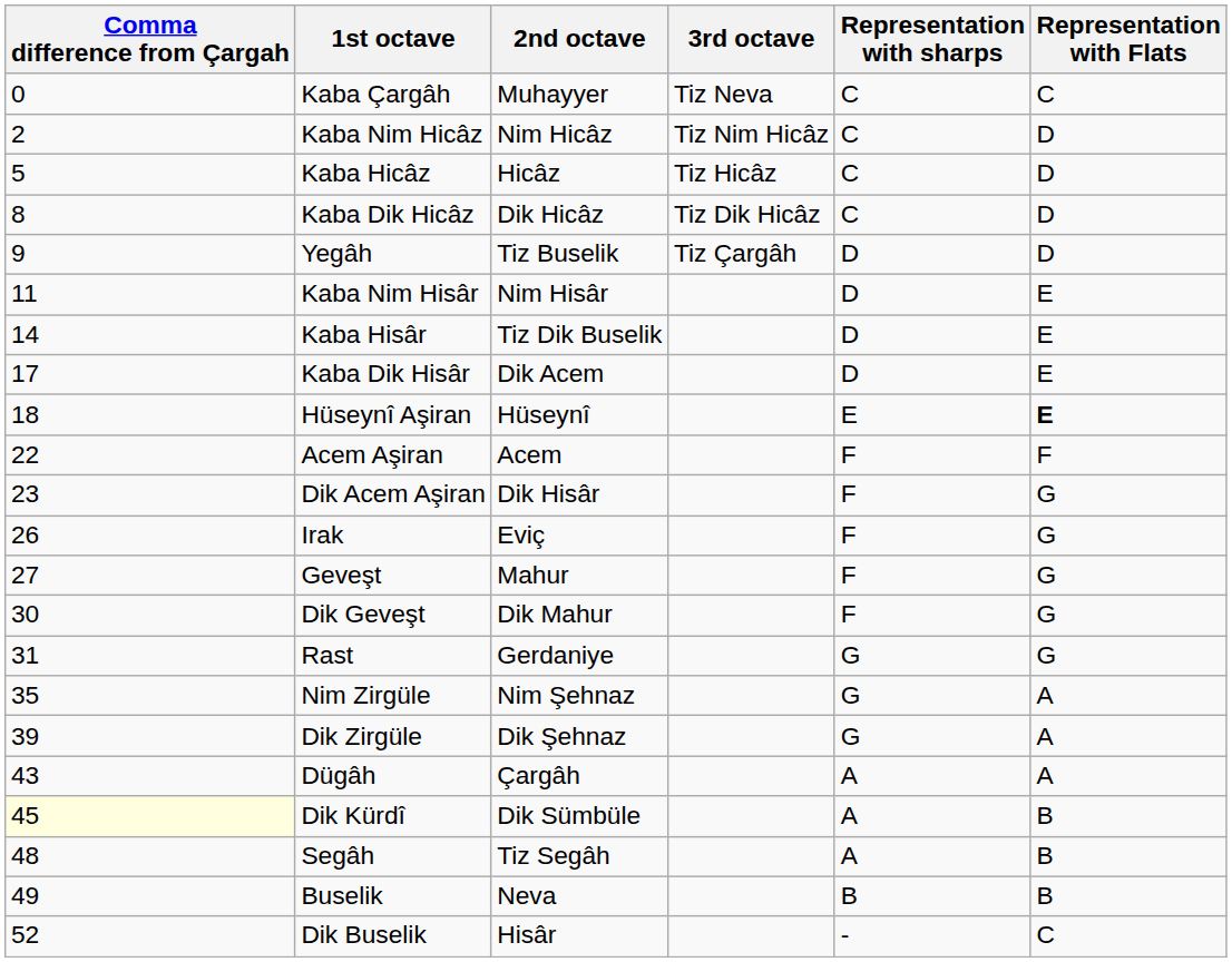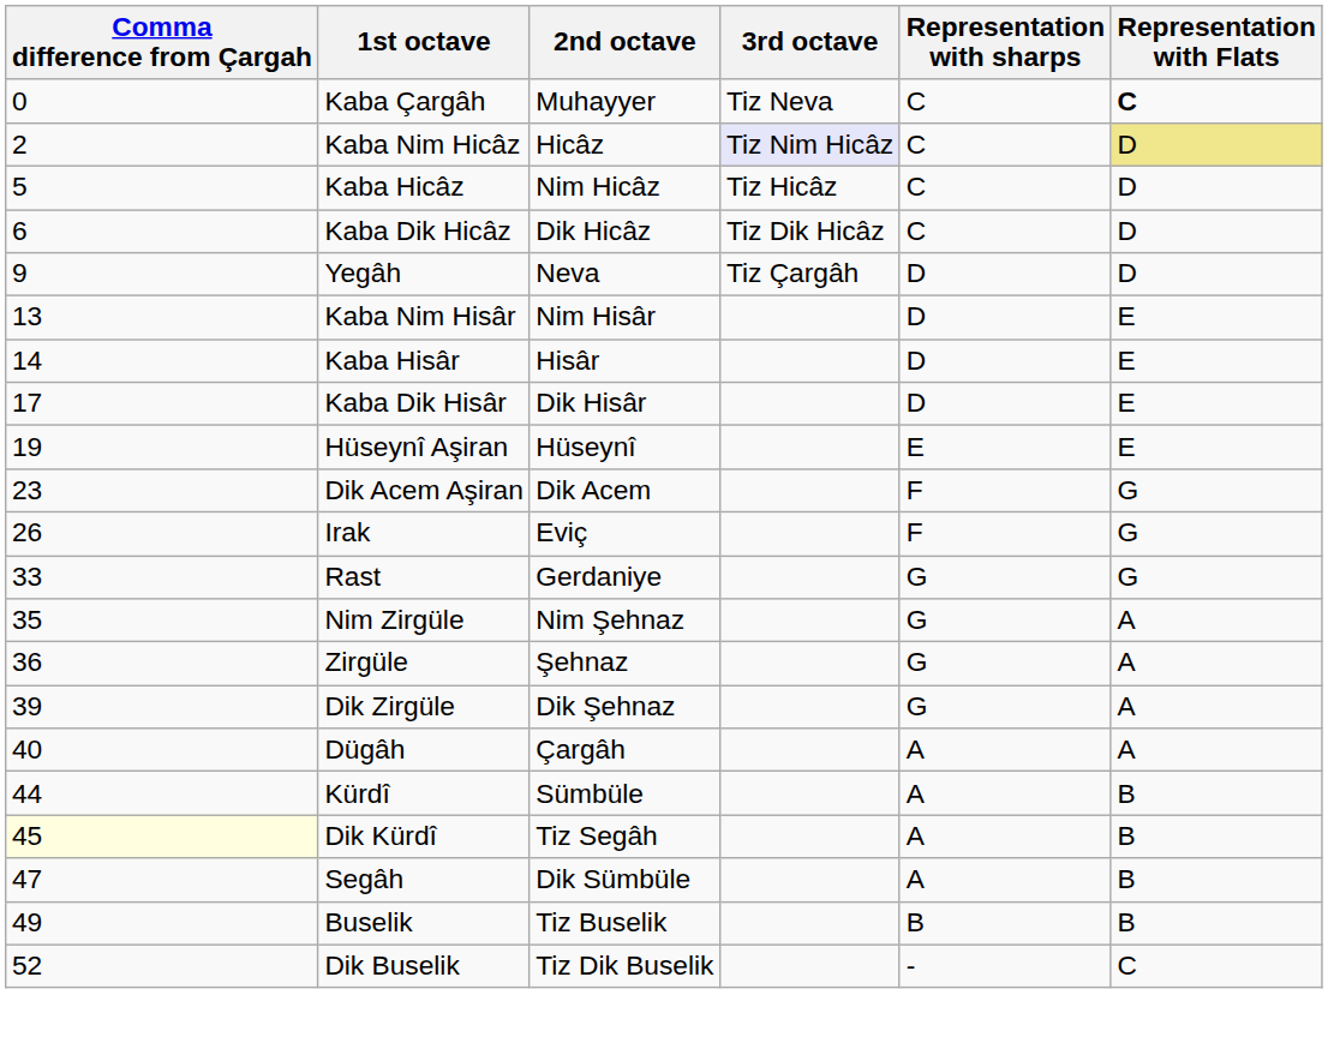 <table class="wikitable">
 <tr>
 <th><a href='#'>Comma</a><br>difference from  Çargah</th>
 <th>1st octave</th>
 <th>2nd octave</th>
 <th>3rd octave</th>
 <th>Representation<br>with sharps</th>
 <th>Representation<br>with Flats</th>
 </tr>
 <tr>
 <td>0</td>
 <td>Kaba Çargâh</td>
 <td>Muhayyer</td>
 <td>Tiz Neva</td>
 <td>C</td>
-<td>C</td>
+<td><strong>C</strong></td>
 </tr>
 <tr>
 <td>2</td>
 <td>Kaba Nim Hicâz</td>
-<td>Nim Hicâz</td>
-<td>Tiz Nim Hicâz</td>
+<td>Hicâz</td>
+<td style="background: lavender;">Tiz Nim Hicâz</td>
 <td>C</td>
-<td>D</td>
+<td style="background: khaki;">D</td>
 </tr>
 <tr>
 <td>5</td>
 <td>Kaba Hicâz</td>
-<td>Hicâz</td>
+<td>Nim Hicâz</td>
 <td>Tiz Hicâz</td>
 <td>C</td>
 <td>D</td>
 </tr>
 <tr>
-<td>8</td>
+<td>6</td>
 <td>Kaba Dik Hicâz</td>
 <td>Dik Hicâz</td>
 <td>Tiz Dik Hicâz</td>
 <td>C</td>
 <td>D</td>
 </tr>
 <tr>
 <td>9</td>
 <td>Yegâh</td>
-<td>Tiz Buselik</td>
+<td>Neva</td>
 <td>Tiz Çargâh</td>
 <td>D</td>
 <td>D</td>
 </tr>
 <tr>
-<td>11</td>
+<td>13</td>
 <td>Kaba Nim Hisâr</td>
 <td>Nim Hisâr</td>
 <td></td>
 <td>D</td>
 <td>E</td>
 </tr>
 <tr>
 <td>14</td>
 <td>Kaba Hisâr</td>
-<td>Tiz Dik Buselik</td>
+<td>Hisâr</td>
 <td></td>
 <td>D</td>
 <td>E</td>
 </tr>
 <tr>
 <td>17</td>
 <td>Kaba Dik Hisâr</td>
-<td>Dik Acem</td>
+<td>Dik Hisâr</td>
 <td></td>
 <td>D</td>
 <td>E</td>
 </tr>
 <tr>
-<td>18</td>
+<td>19</td>
 <td>Hüseynî Aşiran</td>
 <td>Hüseynî</td>
 <td></td>
 <td>E</td>
-<td><strong>E</strong></td>
-</tr>
-<tr>
-<td>22</td>
-<td>Acem Aşiran</td>
-<td>Acem</td>
-<td></td>
-<td>F</td>
-<td>F</td>
+<td>E</td>
 </tr>
 <tr>
 <td>23</td>
 <td>Dik Acem Aşiran</td>
-<td>Dik Hisâr</td>
+<td>Dik Acem</td>
 <td></td>
 <td>F</td>
 <td>G</td>
 </tr>
 <tr>
 <td>26</td>
 <td>Irak</td>
 <td>Eviç</td>
 <td></td>
 <td>F</td>
 <td>G</td>
 </tr>
 <tr>
-<td>27</td>
-<td>Geveşt</td>
-<td>Mahur</td>
-<td></td>
-<td>F</td>
-<td>G</td>
-</tr>
-<tr>
-<td>30</td>
-<td>Dik Geveşt</td>
-<td>Dik Mahur</td>
-<td></td>
-<td>F</td>
-<td>G</td>
-</tr>
-<tr>
-<td>31</td>
+<td>33</td>
 <td>Rast</td>
 <td>Gerdaniye</td>
 <td></td>
 <td>G</td>
 <td>G</td>
 </tr>
 <tr>
 <td>35</td>
 <td>Nim Zirgüle</td>
 <td>Nim Şehnaz</td>
 <td></td>
 <td>G</td>
 <td>A</td>
 </tr>
 <tr>
+<td>36</td>
+<td>Zirgüle</td>
+<td>Şehnaz</td>
+<td></td>
+<td>G</td>
+<td>A</td>
+</tr>
+<tr>
 <td>39</td>
 <td>Dik Zirgüle</td>
 <td>Dik Şehnaz</td>
 <td></td>
 <td>G</td>
 <td>A</td>
 </tr>
 <tr>
-<td>43</td>
+<td>40</td>
 <td>Dügâh</td>
 <td>Çargâh</td>
 <td></td>
 <td>A</td>
 <td>A</td>
 </tr>
 <tr>
-<td style="background: lightyellow;">45</td>
-<td>Dik Kürdî</td>
-<td>Dik Sümbüle</td>
+<td>44</td>
+<td>Kürdî</td>
+<td>Sümbüle</td>
 <td></td>
 <td>A</td>
 <td>B</td>
 </tr>
 <tr>
-<td>48</td>
+<td style="background: lightyellow;">45</td>
+<td>Dik Kürdî</td>
+<td>Tiz Segâh</td>
+<td></td>
+<td>A</td>
+<td>B</td>
+</tr>
+<tr>
+<td>47</td>
 <td>Segâh</td>
-<td>Tiz Segâh</td>
+<td>Dik Sümbüle</td>
 <td></td>
 <td>A</td>
 <td>B</td>
 </tr>
 <tr>
 <td>49</td>
 <td>Buselik</td>
-<td>Neva</td>
+<td>Tiz Buselik</td>
 <td></td>
 <td>B</td>
 <td>B</td>
 </tr>
 <tr>
 <td>52</td>
 <td>Dik Buselik</td>
-<td>Hisâr</td>
+<td>Tiz Dik Buselik</td>
 <td></td>
 <td>-</td>
 <td>C</td>
 </tr>
 </table>
